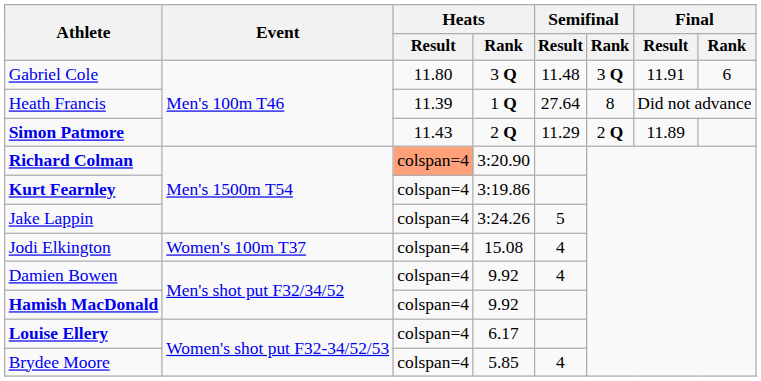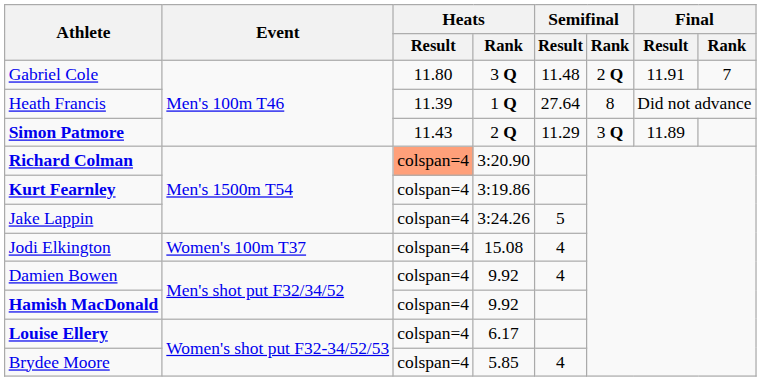 <table class=wikitable style="font-size:90%">
 <tr>
 <th rowspan="2">Athlete</th>
 <th rowspan="2">Event</th>
 <th colspan="2">Heats</th>
 <th colspan="2">Semifinal</th>
 <th colspan="2">Final</th>
 </tr>
 <tr style="font-size:95%">
 <th>Result</th>
 <th>Rank</th>
 <th>Result</th>
 <th>Rank</th>
 <th>Result</th>
 <th>Rank</th>
 </tr>
 <tr align=center>
 <td align=left><a href='#'>Gabriel Cole</a></td>
 <td align=left rowspan=3><a href='#'>Men's 100m T46</a></td>
 <td>11.80</td>
 <td>3 <strong>Q</strong></td>
 <td>11.48</td>
-<td>3 <strong>Q</strong></td>
+<td>2 <strong>Q</strong></td>
 <td>11.91</td>
-<td>6</td>
+<td>7</td>
 </tr>
 <tr align=center>
 <td align=left><a href='#'>Heath Francis</a></td>
 <td>11.39</td>
 <td>1 <strong>Q</strong></td>
 <td>27.64</td>
 <td>8</td>
 <td colspan=2>Did not advance</td>
 </tr>
 <tr align=center>
 <td align=left><strong><a href='#'>Simon Patmore</a></strong></td>
 <td>11.43</td>
 <td>2 <strong>Q</strong></td>
 <td>11.29</td>
-<td>2 <strong>Q</strong></td>
+<td>3 <strong>Q</strong></td>
 <td>11.89</td>
 <td></td>
 </tr>
 <tr align=center>
 <td align=left><strong><a href='#'>Richard Colman</a></strong></td>
 <td align=left rowspan=3><a href='#'>Men's 1500m T54</a></td>
 <td style="background: lightsalmon;">colspan=4 </td>
 <td>3:20.90</td>
 <td></td>
 </tr>
 <tr align=center>
 <td align=left><strong><a href='#'>Kurt Fearnley</a></strong></td>
 <td>colspan=4 </td>
 <td>3:19.86</td>
 <td></td>
 </tr>
 <tr align=center>
 <td align=left><a href='#'>Jake Lappin</a></td>
 <td>colspan=4 </td>
 <td>3:24.26</td>
 <td>5</td>
 </tr>
 <tr align=center>
 <td align=left><a href='#'>Jodi Elkington</a></td>
 <td align=left><a href='#'>Women's 100m T37</a></td>
 <td>colspan=4 </td>
 <td>15.08</td>
 <td>4</td>
 </tr>
 <tr align=center>
 <td align=left><a href='#'>Damien Bowen</a></td>
 <td align=left rowspan=2><a href='#'>Men's shot put F32/34/52</a></td>
 <td>colspan=4 </td>
 <td>9.92</td>
 <td>4</td>
 </tr>
 <tr align=center>
 <td align=left><strong><a href='#'>Hamish MacDonald</a></strong></td>
 <td>colspan=4 </td>
 <td>9.92</td>
 <td></td>
 </tr>
 <tr align=center>
 <td align=left><strong><a href='#'>Louise Ellery</a></strong></td>
 <td align=left rowspan=2><a href='#'>Women's shot put F32-34/52/53</a></td>
 <td>colspan=4 </td>
 <td>6.17</td>
 <td></td>
 </tr>
 <tr align=center>
 <td align=left><a href='#'>Brydee Moore</a></td>
 <td>colspan=4 </td>
 <td>5.85</td>
 <td>4</td>
 </tr>
 </table>
